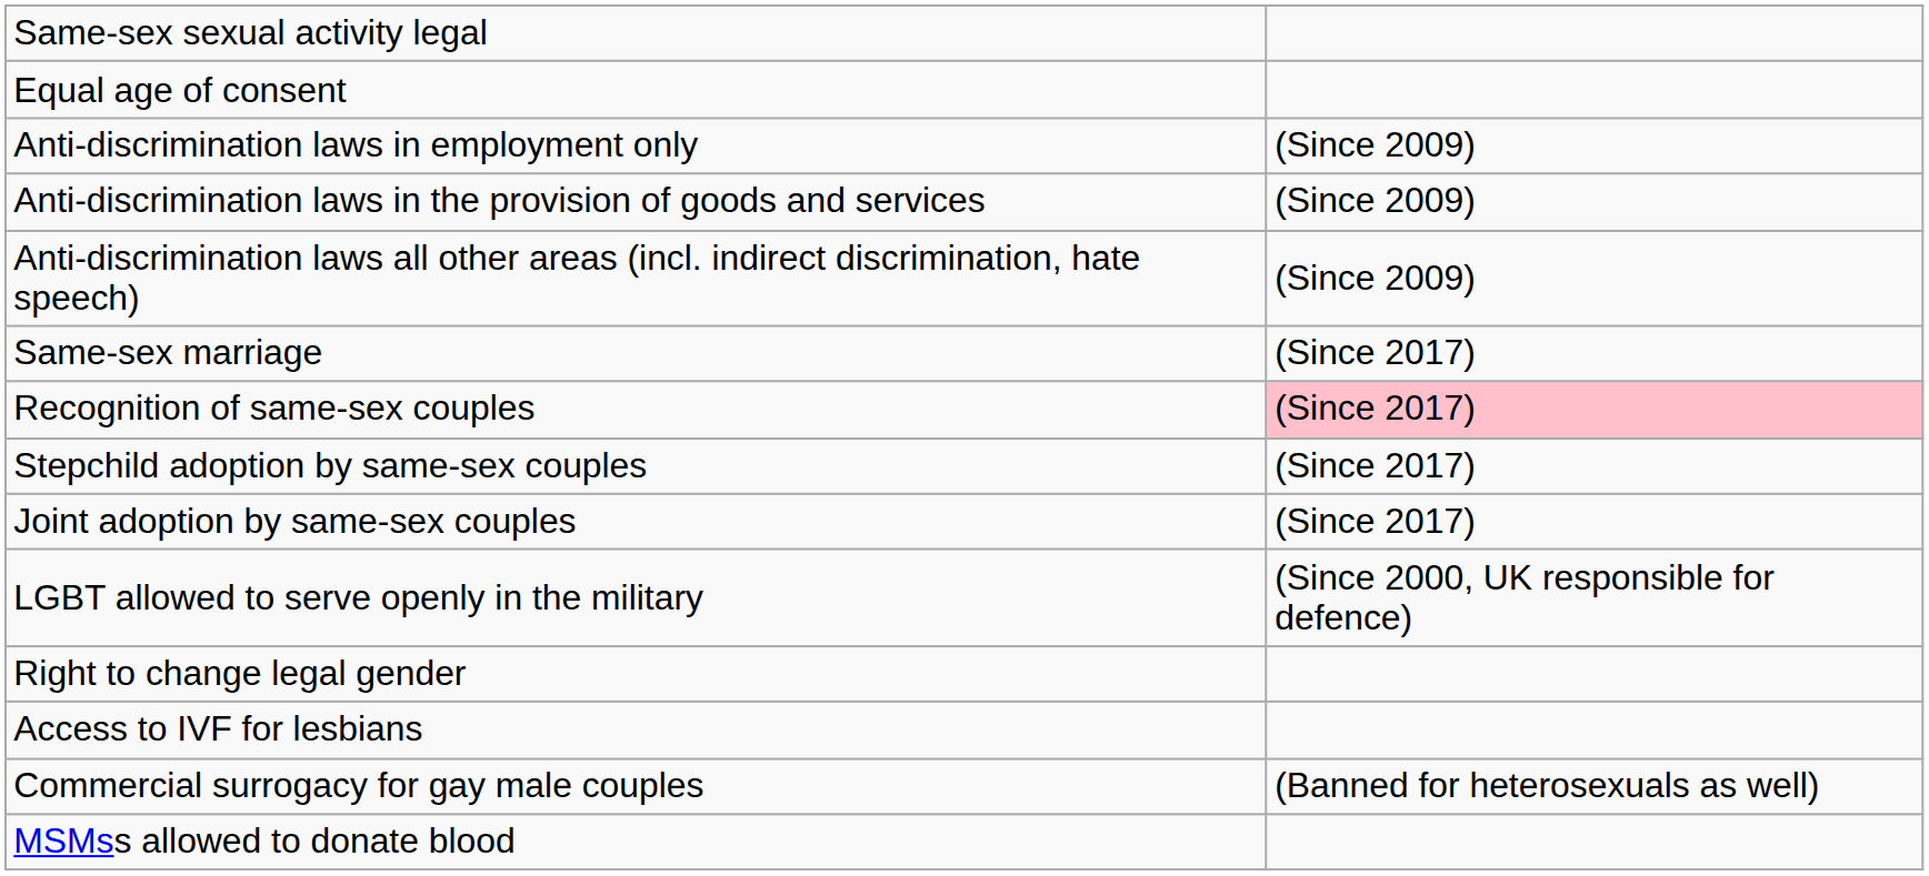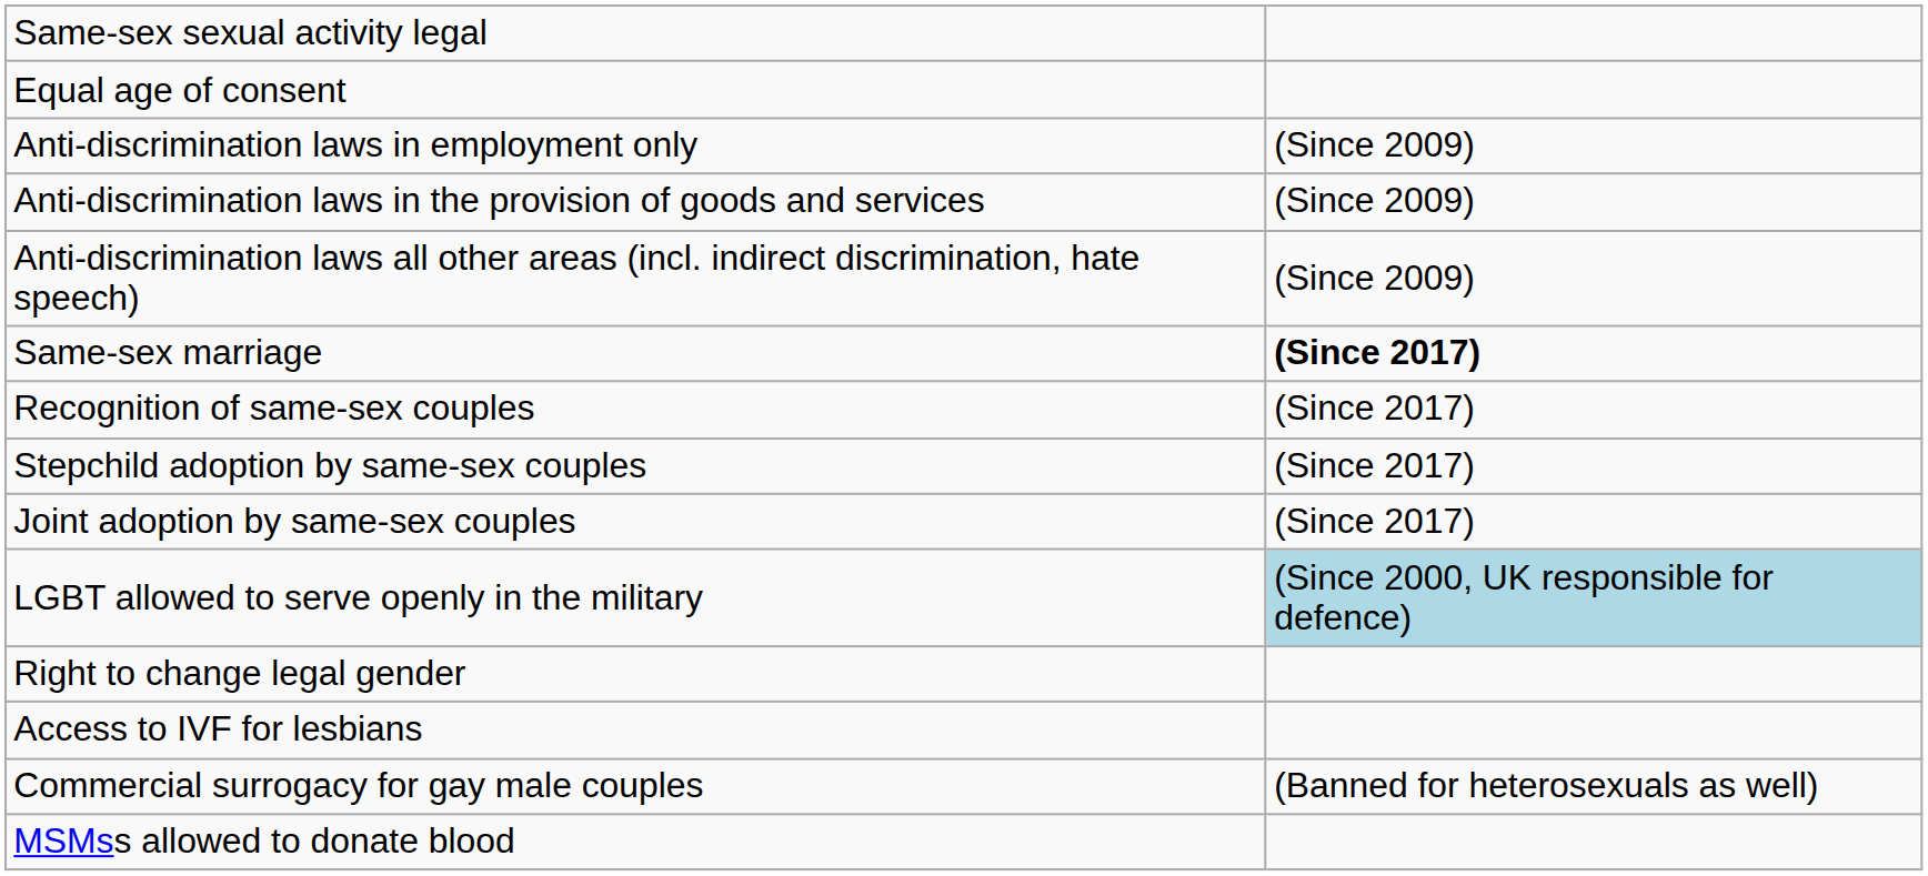 <table class="wikitable">
 <tr>
 <td>Same-sex sexual activity legal</td>
 <td></td>
 </tr>
 <tr>
 <td>Equal age of consent</td>
 <td></td>
 </tr>
 <tr>
 <td>Anti-discrimination laws in employment only</td>
 <td> (Since 2009)</td>
 </tr>
 <tr>
 <td>Anti-discrimination laws in the provision of goods and services</td>
 <td> (Since 2009)</td>
 </tr>
 <tr>
 <td>Anti-discrimination laws all other areas (incl. indirect discrimination, hate speech)</td>
 <td> (Since 2009)</td>
 </tr>
 <tr>
 <td>Same-sex marriage</td>
-<td> (Since 2017)</td>
+<td><strong> (Since 2017)</strong></td>
 </tr>
 <tr>
 <td>Recognition of same-sex couples</td>
-<td style="background: pink;"> (Since 2017)</td>
+<td> (Since 2017)</td>
 </tr>
 <tr>
 <td>Stepchild adoption by same-sex couples</td>
 <td> (Since 2017)</td>
 </tr>
 <tr>
 <td>Joint adoption by same-sex couples</td>
 <td> (Since 2017)</td>
 </tr>
 <tr>
 <td>LGBT allowed to serve openly in the military</td>
-<td> (Since 2000, UK responsible for defence)</td>
+<td style="background: lightblue;"> (Since 2000, UK responsible for defence)</td>
 </tr>
 <tr>
 <td>Right to change legal gender</td>
 <td></td>
 </tr>
 <tr>
 <td>Access to IVF for lesbians</td>
 <td></td>
 </tr>
 <tr>
 <td>Commercial surrogacy for gay male couples</td>
 <td> (Banned for heterosexuals as well)</td>
 </tr>
 <tr>
 <td><a href='#'>MSMs</a>s allowed to donate blood</td>
 <td></td>
 </tr>
 </table>
